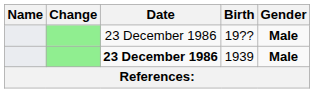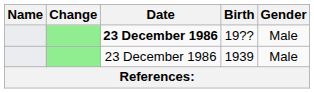 <table class="wikitable sortable" style=text-align:center>
 <tr>
 <th>Name</th>
 <th unsortable>Change</th>
 <th unsortable>Date</th>
 <th>Birth</th>
 <th>Gender</th>
 </tr>
 <tr>
 <td bgcolor = #EAECF0></td>
 <td bgcolor = LightGreen></td>
-<td>23 December 1986</td>
+<td><strong>23 December 1986</strong></td>
 <td>19??</td>
-<td><strong>Male</strong></td>
+<td>Male</td>
 </tr>
 <tr>
 <td bgcolor = #EAECF0></td>
 <td bgcolor = LightGreen></td>
-<td><strong>23 December 1986</strong></td>
+<td>23 December 1986</td>
 <td>1939</td>
-<td><strong>Male</strong></td>
+<td>Male</td>
 </tr>
 <tr class=sortbottom>
 <th colspan = "7" align = left><strong>References:</strong><br></th>
 </tr>
 </table>
